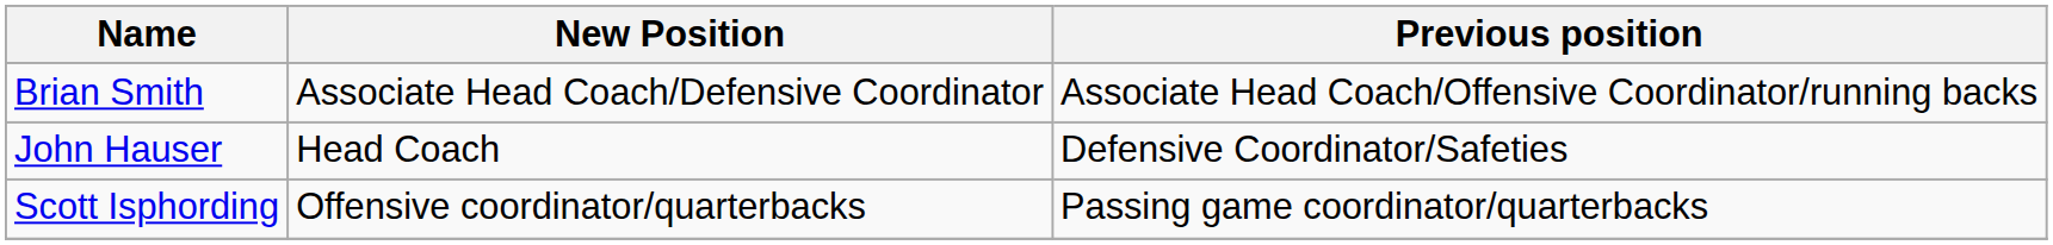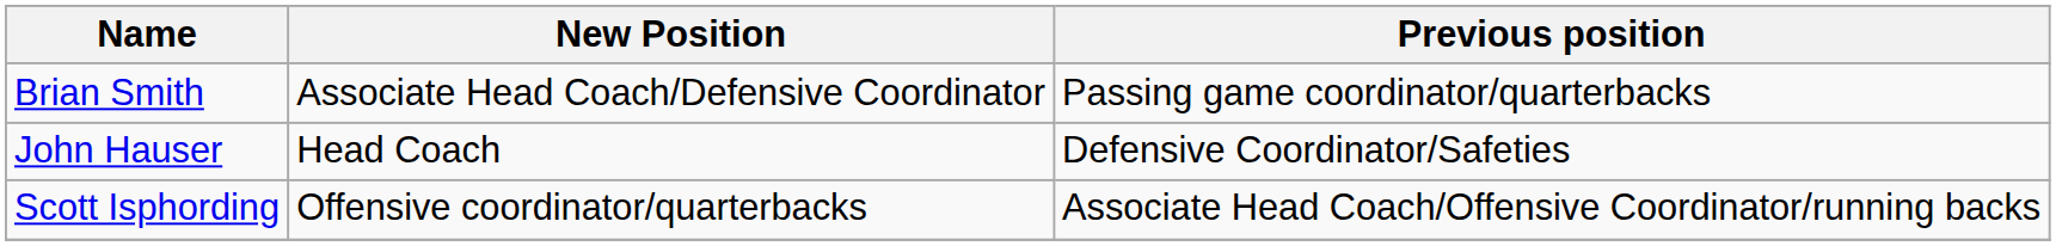 <table class="wikitable">
 <tr>
 <th style="text-align:center;">Name</th>
 <th style="text-align:center;">New Position</th>
 <th style="text-align:center;">Previous position</th>
 </tr>
 <tr>
 <td><a href='#'>Brian Smith</a></td>
 <td>Associate Head Coach/Defensive Coordinator</td>
-<td>Associate Head Coach/Offensive Coordinator/running backs</td>
+<td>Passing game coordinator/quarterbacks</td>
 </tr>
 <tr>
 <td><a href='#'>John Hauser</a></td>
 <td>Head Coach</td>
 <td>Defensive Coordinator/Safeties</td>
 </tr>
 <tr>
 <td><a href='#'>Scott Isphording</a></td>
 <td>Offensive coordinator/quarterbacks</td>
-<td>Passing game coordinator/quarterbacks</td>
+<td>Associate Head Coach/Offensive Coordinator/running backs</td>
 </tr>
 <tr>
 </tr>
 </table>
